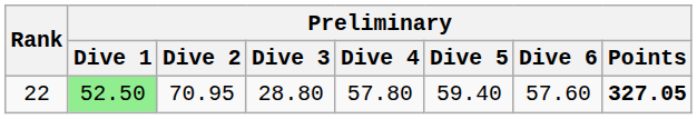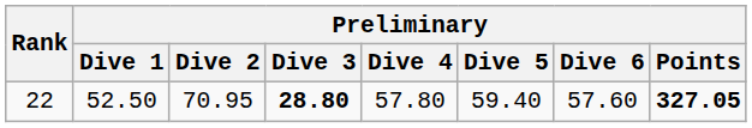 <table class="wikitable" style="text-align:center">
 <tr>
 <th rowspan="2" data-sort-type="number">Rank</th>
 <th colspan="7">Preliminary</th>
 </tr>
 <tr>
 <th>Dive 1</th>
 <th>Dive 2</th>
 <th>Dive 3</th>
 <th>Dive 4</th>
 <th>Dive 5</th>
 <th>Dive 6</th>
 <th>Points</th>
 </tr>
 <tr>
 <td>22</td>
-<td style="background: lightgreen;">52.50</td>
+<td>52.50</td>
 <td>70.95</td>
-<td>28.80</td>
+<td><strong>28.80</strong></td>
 <td>57.80</td>
 <td>59.40</td>
 <td>57.60</td>
 <td><strong>327.05</strong></td>
 </tr>
 </table>
